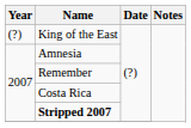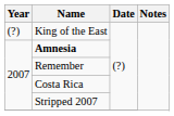 <table class="wikitable">
 <tr>
 <th>Year</th>
 <th>Name</th>
 <th>Date</th>
 <th>Notes</th>
 </tr>
 <tr>
 <td>(?)</td>
 <td>King of the East</td>
 <td rowspan="5">(?)</td>
 </tr>
 <tr>
 <td rowspan="4">2007</td>
-<td>Amnesia</td>
+<td><strong>Amnesia</strong></td>
 </tr>
 <tr>
 <td>Remember</td>
 </tr>
 <tr>
 <td>Costa Rica</td>
 </tr>
 <tr>
-<td><strong>Stripped 2007</strong></td>
+<td>Stripped 2007</td>
 </tr>
 <tr>
 </tr>
 </table>
